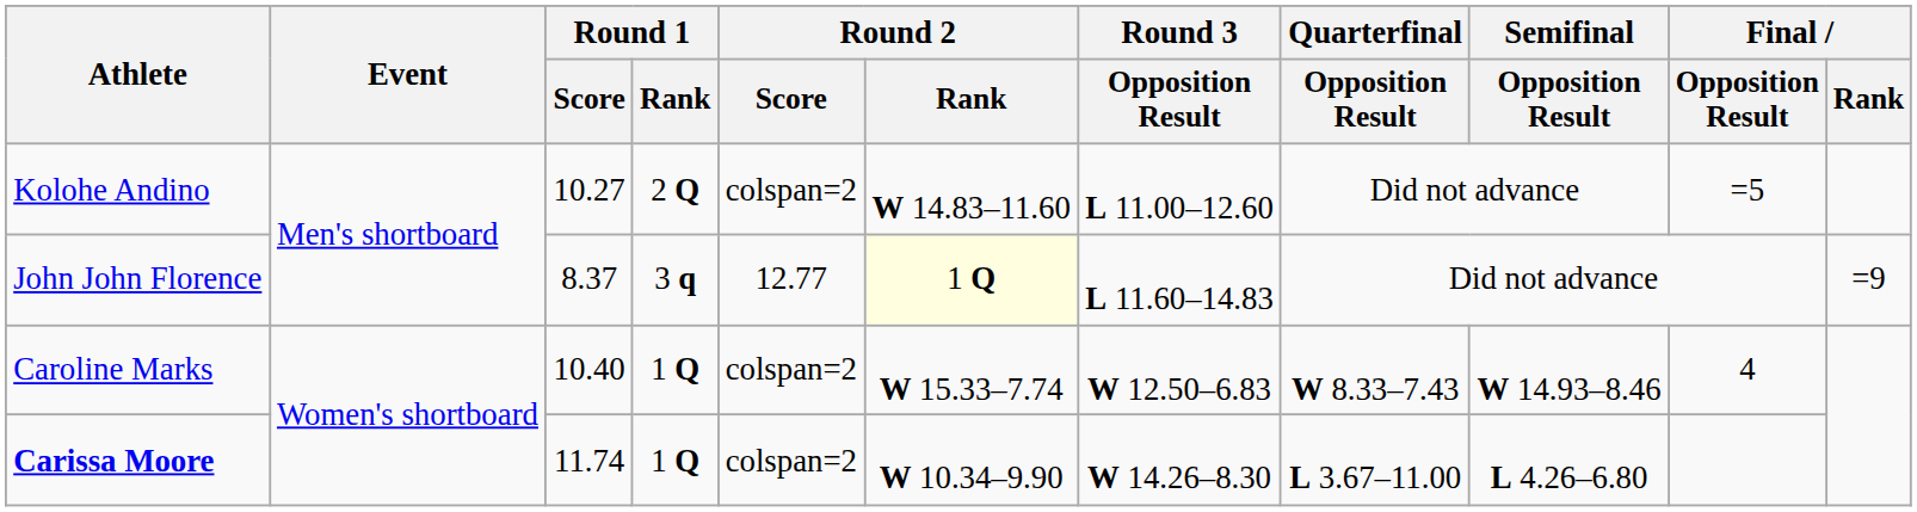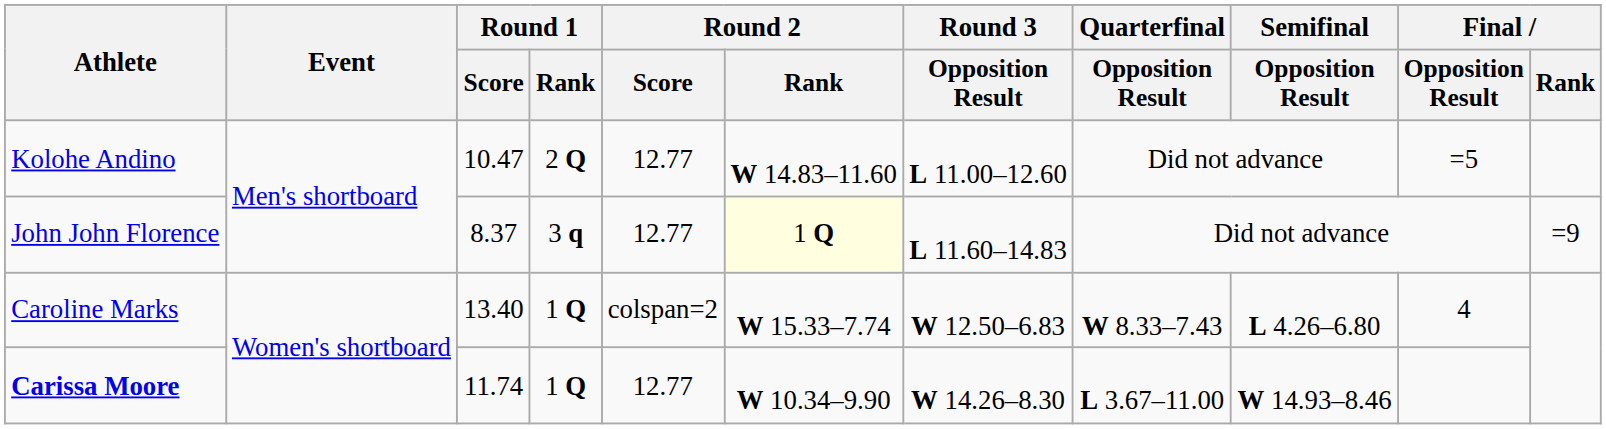 <table class=wikitable style="font-size:90%; text-align:center">
 <tr>
 <th rowspan=2>Athlete</th>
 <th rowspan=2>Event</th>
 <th colspan=2>Round 1</th>
 <th colspan=2>Round 2</th>
 <th>Round 3</th>
 <th>Quarterfinal</th>
 <th>Semifinal</th>
 <th colspan=2>Final / </th>
 </tr>
 <tr style=font-size:95%>
 <th>Score</th>
 <th>Rank</th>
 <th>Score</th>
 <th>Rank</th>
 <th>Opposition<br>Result</th>
 <th>Opposition<br>Result</th>
 <th>Opposition<br>Result</th>
 <th>Opposition<br>Result</th>
 <th>Rank</th>
 </tr>
 <tr>
 <td align=left><a href='#'>Kolohe Andino</a></td>
 <td align=left rowspan=2><a href='#'>Men's shortboard</a></td>
-<td>10.27</td>
+<td>10.47</td>
 <td>2 <strong>Q</strong></td>
-<td>colspan=2 </td>
+<td>12.77</td>
 <td><br><strong>W</strong> 14.83–11.60</td>
 <td><br><strong>L</strong> 11.00–12.60</td>
 <td colspan=2>Did not advance</td>
 <td>=5</td>
 </tr>
 <tr>
 <td align=left><a href='#'>John John Florence</a></td>
 <td>8.37</td>
 <td>3 <strong>q</strong></td>
 <td>12.77</td>
 <td style="background: lightyellow;">1 <strong>Q</strong></td>
 <td><br><strong>L</strong> 11.60–14.83</td>
 <td colspan=3>Did not advance</td>
 <td>=9</td>
 </tr>
 <tr>
 <td align=left><a href='#'>Caroline Marks</a></td>
 <td align=left rowspan=2><a href='#'>Women's shortboard</a></td>
-<td>10.40</td>
+<td>13.40</td>
 <td>1 <strong>Q</strong></td>
 <td>colspan=2 </td>
 <td><br><strong>W</strong> 15.33–7.74</td>
 <td><br><strong>W</strong> 12.50–6.83</td>
 <td><br><strong>W</strong> 8.33–7.43</td>
-<td><br><strong>W</strong> 14.93–8.46</td>
+<td><br><strong>L</strong> 4.26–6.80</td>
 <td>4</td>
 </tr>
 <tr>
 <td align=left><strong><a href='#'>Carissa Moore</a></strong></td>
 <td>11.74</td>
 <td>1 <strong>Q</strong></td>
-<td>colspan=2 </td>
+<td>12.77</td>
 <td><br><strong>W</strong> 10.34–9.90</td>
 <td><br><strong>W</strong> 14.26–8.30</td>
 <td><br><strong>L</strong> 3.67–11.00</td>
-<td><br><strong>L</strong> 4.26–6.80</td>
+<td><br><strong>W</strong> 14.93–8.46</td>
 <td></td>
 </tr>
 </table>
